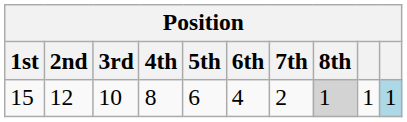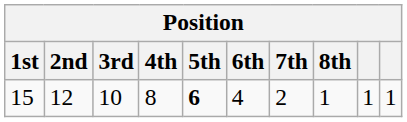 <table class="wikitable">
 <tr>
 <th colspan="10">Position</th>
 </tr>
 <tr>
 <th>1st</th>
 <th>2nd</th>
 <th>3rd</th>
 <th>4th</th>
 <th>5th</th>
 <th>6th</th>
 <th>7th</th>
 <th>8th</th>
 <th></th>
 <th></th>
 </tr>
 <tr>
 <td>15</td>
 <td>12</td>
 <td>10</td>
 <td>8</td>
-<td>6</td>
+<td><strong>6</strong></td>
 <td>4</td>
 <td>2</td>
-<td style="background: lightgrey;">1</td>
 <td>1</td>
-<td style="background: lightblue;">1</td>
+<td>1</td>
+<td>1</td>
 </tr>
 </table>
